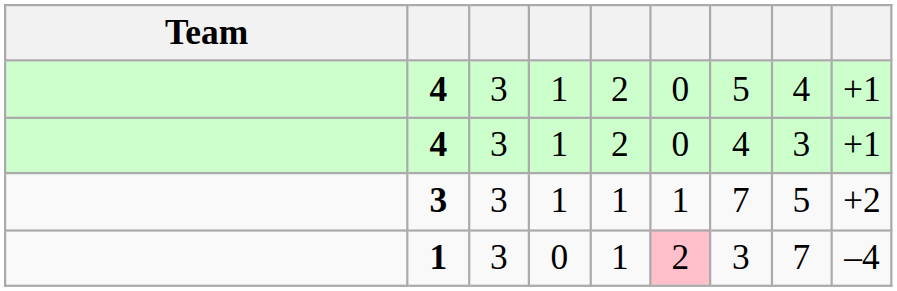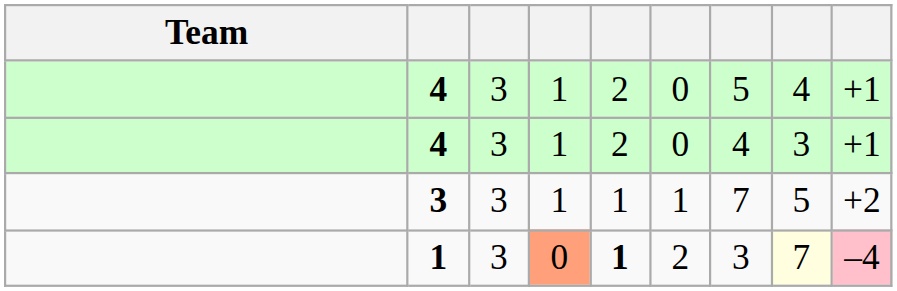 <table class="wikitable" style="text-align:center">
 <tr>
 <th width="175">Team</th>
 <th width="20"></th>
 <th width="20"></th>
 <th width="20"></th>
 <th width="20"></th>
 <th width="20"></th>
 <th width="20"></th>
 <th width="20"></th>
 <th width="20"></th>
 </tr>
 <tr bgcolor=#CCFFCC>
 <td align=left></td>
 <td><strong>4</strong></td>
 <td>3</td>
 <td>1</td>
 <td>2</td>
 <td>0</td>
 <td>5</td>
 <td>4</td>
 <td>+1</td>
 </tr>
 <tr bgcolor=#CCFFCC>
 <td align=left></td>
 <td><strong>4</strong></td>
 <td>3</td>
 <td>1</td>
 <td>2</td>
 <td>0</td>
 <td>4</td>
 <td>3</td>
 <td>+1</td>
 </tr>
 <tr>
 <td align=left></td>
 <td><strong>3</strong></td>
 <td>3</td>
 <td>1</td>
 <td>1</td>
 <td>1</td>
 <td>7</td>
 <td>5</td>
 <td>+2</td>
 </tr>
 <tr>
 <td align=left></td>
 <td><strong>1</strong></td>
 <td>3</td>
-<td>0</td>
-<td>1</td>
-<td style="background: pink;">2</td>
+<td style="background: lightsalmon;">0</td>
+<td><strong>1</strong></td>
+<td>2</td>
 <td>3</td>
-<td>7</td>
-<td>–4</td>
+<td style="background: lightyellow;">7</td>
+<td style="background: pink;">–4</td>
 </tr>
 </table>
